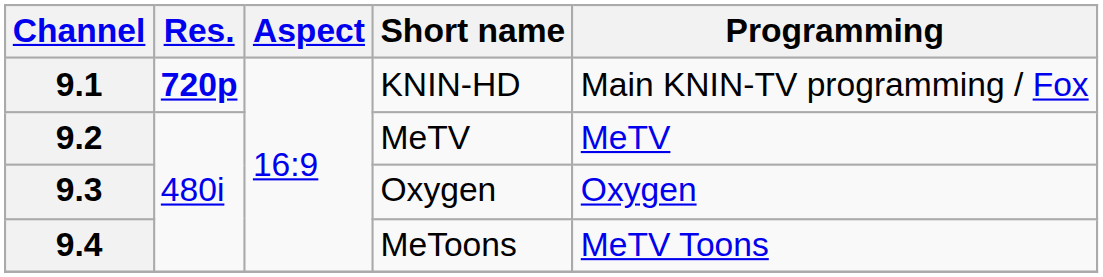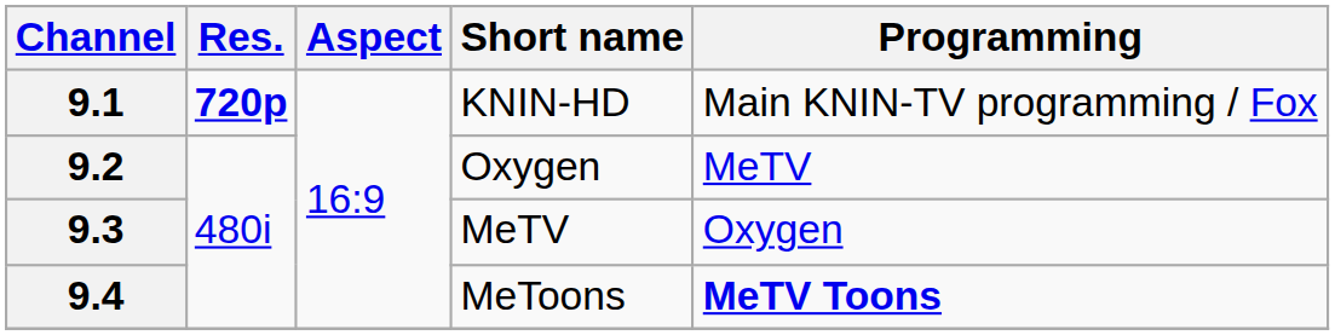 <table class="wikitable">
 <tr>
 <th scope = "col"><a href='#'>Channel</a></th>
 <th scope = "col"><a href='#'>Res.</a></th>
 <th scope = "col"><a href='#'>Aspect</a></th>
 <th scope = "col">Short name</th>
 <th scope = "col">Programming</th>
 </tr>
 <tr>
 <th scope = "row">9.1</th>
 <td><strong><a href='#'>720p</a></strong></td>
 <td rowspan=4><a href='#'>16:9</a></td>
 <td>KNIN-HD</td>
 <td>Main KNIN-TV programming / <a href='#'>Fox</a></td>
 </tr>
 <tr>
 <th scope = "row">9.2</th>
 <td rowspan=3><a href='#'>480i</a></td>
-<td>MeTV</td>
+<td>Oxygen</td>
 <td><a href='#'>MeTV</a></td>
 </tr>
 <tr>
 <th scope = "row">9.3</th>
-<td>Oxygen</td>
+<td>MeTV</td>
 <td><a href='#'>Oxygen</a></td>
 </tr>
 <tr>
 <th scope = "row">9.4</th>
 <td>MeToons</td>
-<td><a href='#'>MeTV Toons</a></td>
+<td><strong><a href='#'>MeTV Toons</a></strong></td>
 </tr>
 <tr>
 </tr>
 </table>
